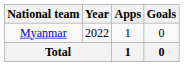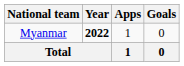 <table class=wikitable style=text-align:center>
 <tr>
 <th>National team</th>
 <th>Year</th>
 <th>Apps</th>
 <th>Goals</th>
 </tr>
 <tr>
 <td rowspan=1><a href='#'>Myanmar</a></td>
-<td>2022</td>
+<td><strong>2022</strong></td>
 <td>1</td>
 <td>0</td>
 </tr>
 <tr>
 <th colspan=2>Total</th>
 <th>1</th>
 <th>0</th>
 </tr>
 </table>
